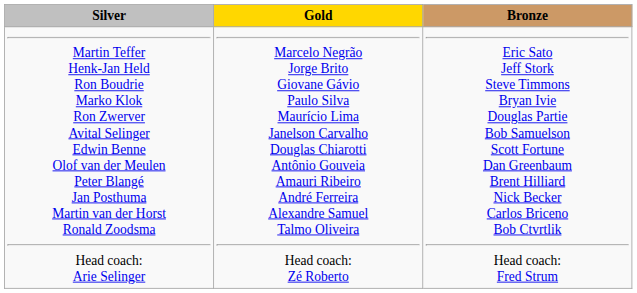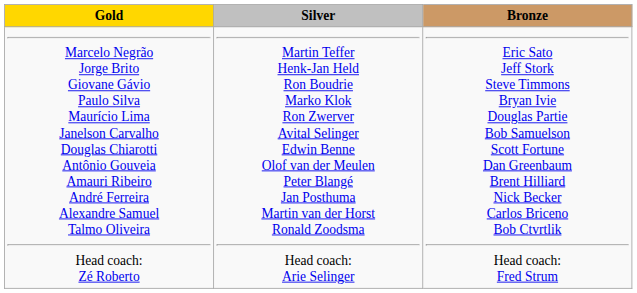 <table class="wikitable" style="text-align:center; font-size:95%;">
 <tr>
+<th style="width:15em; background:gold">Gold</th>
 <th style="width:15em; background:silver">Silver</th>
-<th style="width:15em; background:gold">Gold</th>
 <th style="width:15em; background:#cc9966">Bronze</th>
 </tr>
 <tr>
+<td><hr><a href='#'>Marcelo Negrão</a><br><a href='#'>Jorge Brito</a><br><a href='#'>Giovane Gávio</a><br><a href='#'>Paulo Silva</a><br><a href='#'>Maurício Lima</a><br><a href='#'>Janelson Carvalho</a><br><a href='#'>Douglas Chiarotti</a><br><a href='#'>Antônio Gouveia</a><br><a href='#'>Amauri Ribeiro</a><br><a href='#'>André Ferreira</a><br><a href='#'>Alexandre Samuel</a><br><a href='#'>Talmo Oliveira</a><br><hr>Head coach:<br><a href='#'>Zé Roberto</a></td>
 <td><hr><a href='#'>Martin Teffer</a><br><a href='#'>Henk-Jan Held</a><br><a href='#'>Ron Boudrie</a><br><a href='#'>Marko Klok</a><br><a href='#'>Ron Zwerver</a><br><a href='#'>Avital Selinger</a><br><a href='#'>Edwin Benne</a><br><a href='#'>Olof van der Meulen</a><br><a href='#'>Peter Blangé</a><br><a href='#'>Jan Posthuma</a><br><a href='#'>Martin van der Horst</a><br><a href='#'>Ronald Zoodsma</a><br><hr>Head coach:<br><a href='#'>Arie Selinger</a></td>
-<td><hr><a href='#'>Marcelo Negrão</a><br><a href='#'>Jorge Brito</a><br><a href='#'>Giovane Gávio</a><br><a href='#'>Paulo Silva</a><br><a href='#'>Maurício Lima</a><br><a href='#'>Janelson Carvalho</a><br><a href='#'>Douglas Chiarotti</a><br><a href='#'>Antônio Gouveia</a><br><a href='#'>Amauri Ribeiro</a><br><a href='#'>André Ferreira</a><br><a href='#'>Alexandre Samuel</a><br><a href='#'>Talmo Oliveira</a><br><hr>Head coach:<br><a href='#'>Zé Roberto</a></td>
 <td><hr><a href='#'>Eric Sato</a><br><a href='#'>Jeff Stork</a><br><a href='#'>Steve Timmons</a><br><a href='#'>Bryan Ivie</a><br><a href='#'>Douglas Partie</a><br><a href='#'>Bob Samuelson</a><br><a href='#'>Scott Fortune</a><br><a href='#'>Dan Greenbaum</a><br><a href='#'>Brent Hilliard</a><br><a href='#'>Nick Becker</a><br><a href='#'>Carlos Briceno</a><br><a href='#'>Bob Ctvrtlik</a><br><hr>Head coach:<br><a href='#'>Fred Strum</a></td>
 </tr>
 </table>
